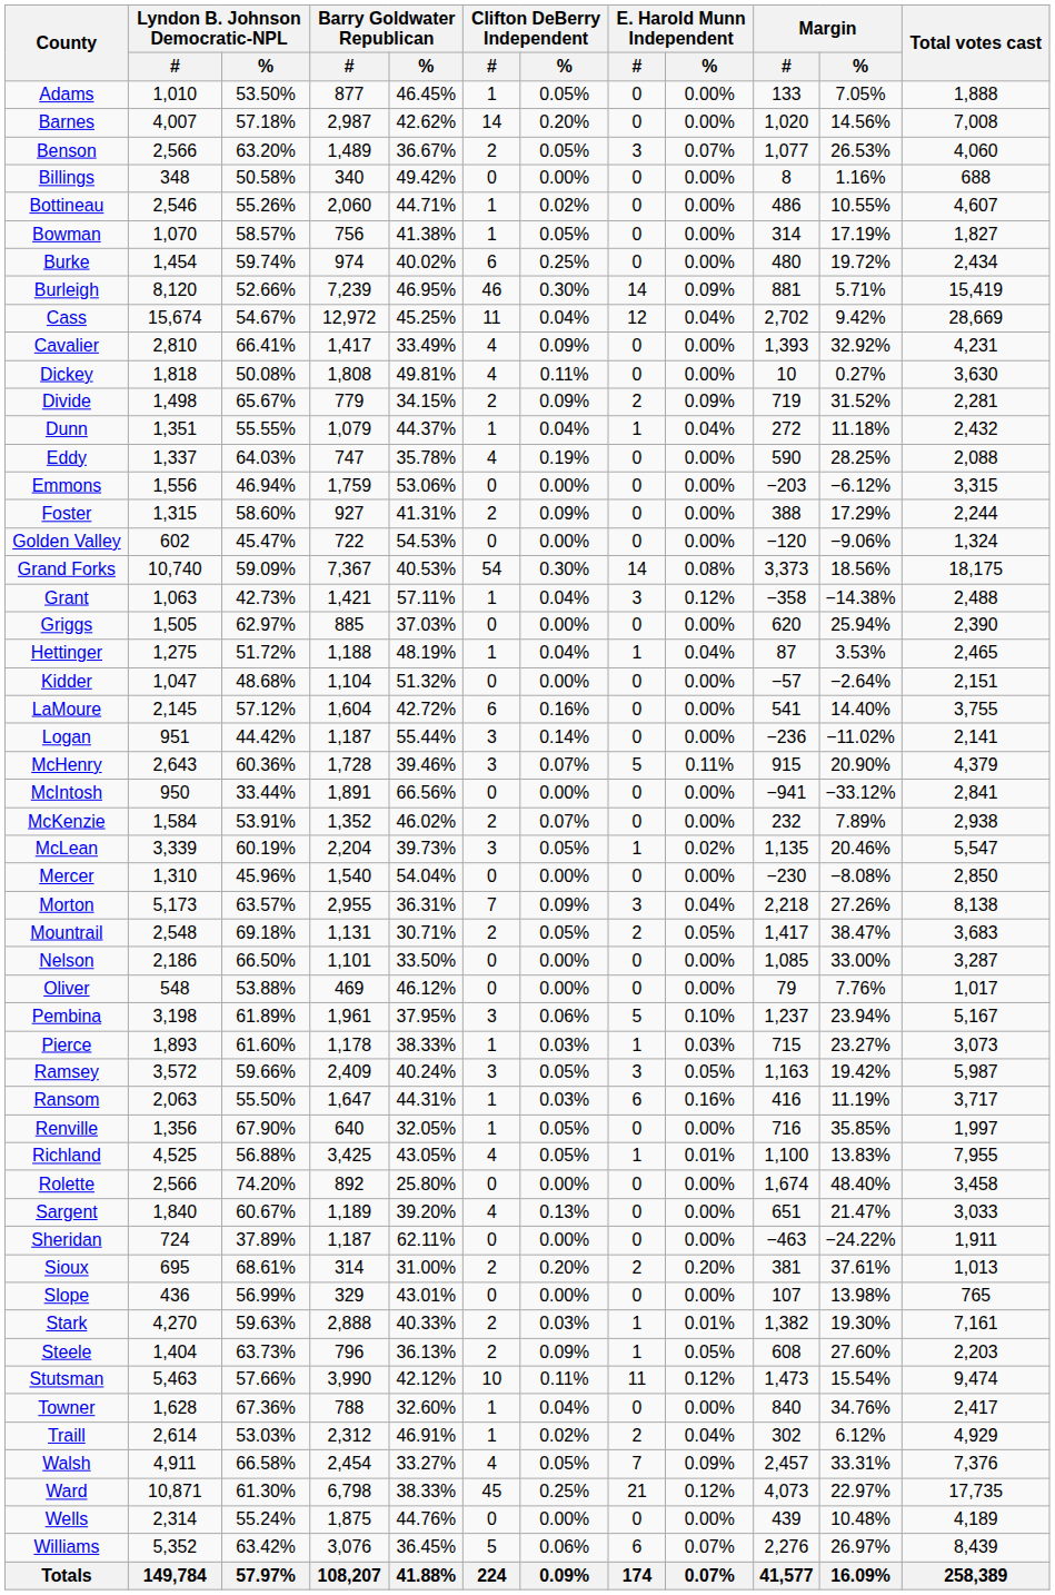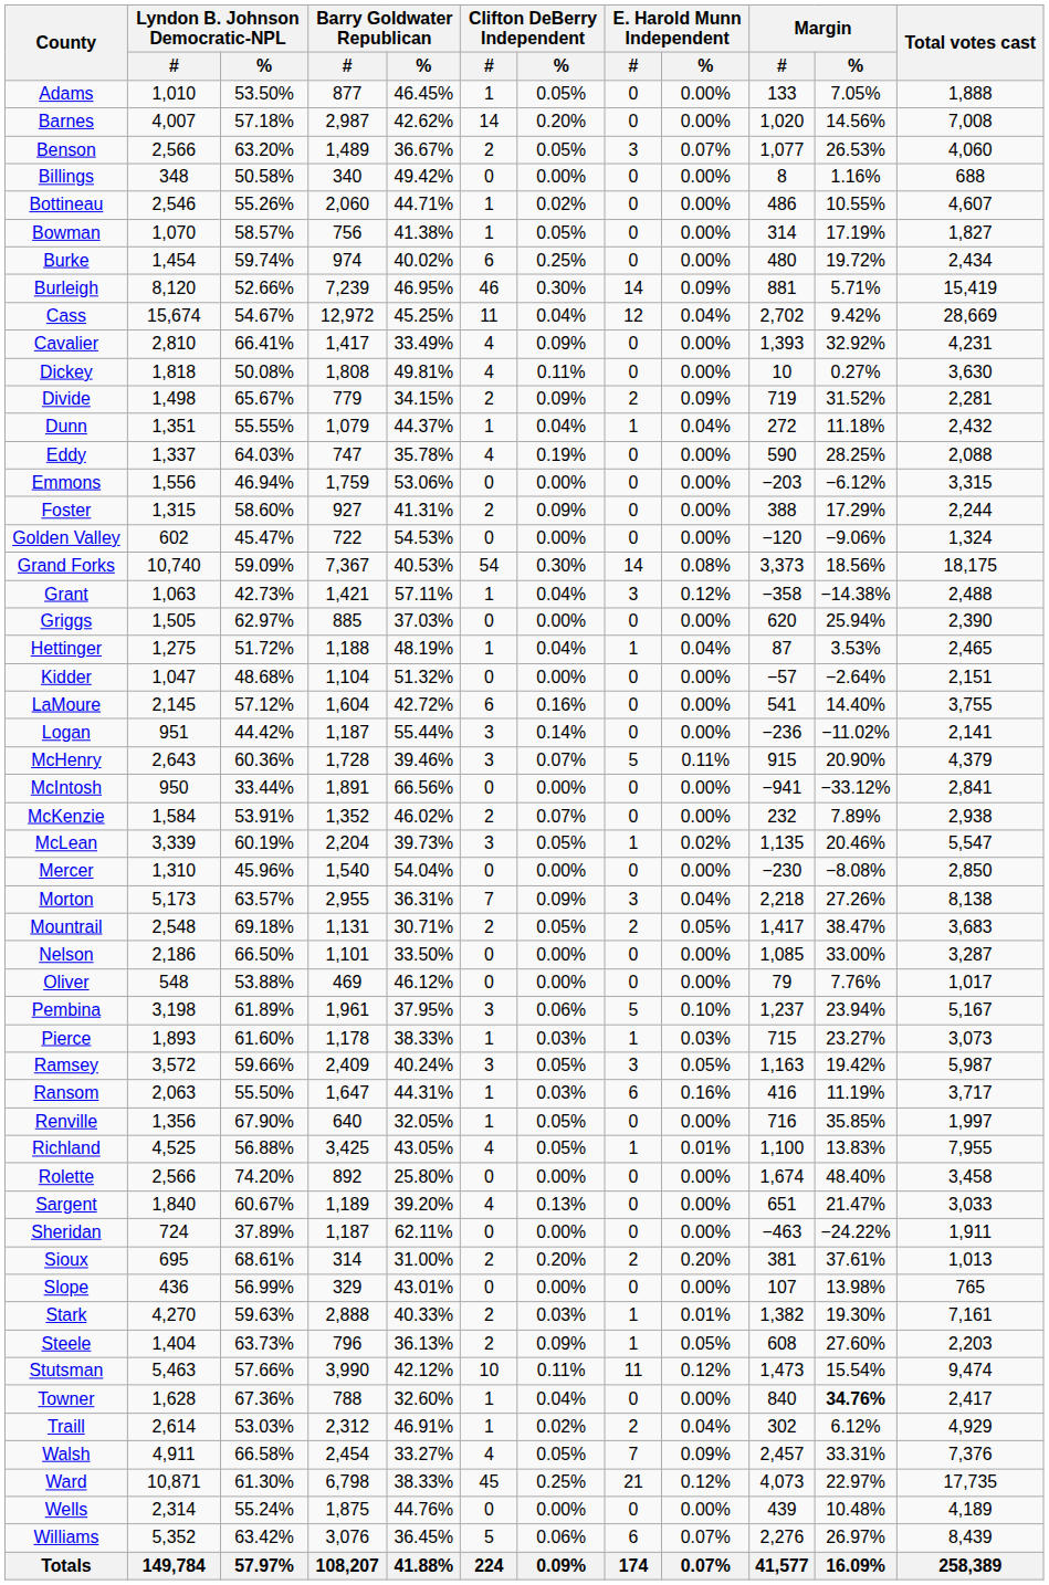 <table class="wikitable sortable" width="60%">
 <tr>
 <th rowspan="2">County</th>
 <th colspan="2">Lyndon B. Johnson<br>Democratic-NPL</th>
 <th colspan="2">Barry Goldwater<br>Republican</th>
 <th colspan="2">Clifton DeBerry<br>Independent</th>
 <th colspan="2">E. Harold Munn<br>Independent</th>
 <th colspan="2">Margin</th>
 <th rowspan="2">Total votes cast</th>
 </tr>
 <tr>
 <th data-sort-type="number">#</th>
 <th data-sort-type="number">%</th>
 <th data-sort-type="number">#</th>
 <th data-sort-type="number">%</th>
 <th data-sort-type="number">#</th>
 <th data-sort-type="number">%</th>
 <th data-sort-type="number">#</th>
 <th data-sort-type="number">%</th>
 <th data-sort-type="number">#</th>
 <th data-sort-type="number">%</th>
 </tr>
 <tr style="text-align:center;">
 <td><a href='#'>Adams</a></td>
 <td>1,010</td>
 <td>53.50%</td>
 <td>877</td>
 <td>46.45%</td>
 <td>1</td>
 <td>0.05%</td>
 <td>0</td>
 <td>0.00%</td>
 <td>133</td>
 <td>7.05%</td>
 <td>1,888</td>
 </tr>
 <tr style="text-align:center;">
 <td><a href='#'>Barnes</a></td>
 <td>4,007</td>
 <td>57.18%</td>
 <td>2,987</td>
 <td>42.62%</td>
 <td>14</td>
 <td>0.20%</td>
 <td>0</td>
 <td>0.00%</td>
 <td>1,020</td>
 <td>14.56%</td>
 <td>7,008</td>
 </tr>
 <tr style="text-align:center;">
 <td><a href='#'>Benson</a></td>
 <td>2,566</td>
 <td>63.20%</td>
 <td>1,489</td>
 <td>36.67%</td>
 <td>2</td>
 <td>0.05%</td>
 <td>3</td>
 <td>0.07%</td>
 <td>1,077</td>
 <td>26.53%</td>
 <td>4,060</td>
 </tr>
 <tr style="text-align:center;">
 <td><a href='#'>Billings</a></td>
 <td>348</td>
 <td>50.58%</td>
 <td>340</td>
 <td>49.42%</td>
 <td>0</td>
 <td>0.00%</td>
 <td>0</td>
 <td>0.00%</td>
 <td>8</td>
 <td>1.16%</td>
 <td>688</td>
 </tr>
 <tr style="text-align:center;">
 <td><a href='#'>Bottineau</a></td>
 <td>2,546</td>
 <td>55.26%</td>
 <td>2,060</td>
 <td>44.71%</td>
 <td>1</td>
 <td>0.02%</td>
 <td>0</td>
 <td>0.00%</td>
 <td>486</td>
 <td>10.55%</td>
 <td>4,607</td>
 </tr>
 <tr style="text-align:center;">
 <td><a href='#'>Bowman</a></td>
 <td>1,070</td>
 <td>58.57%</td>
 <td>756</td>
 <td>41.38%</td>
 <td>1</td>
 <td>0.05%</td>
 <td>0</td>
 <td>0.00%</td>
 <td>314</td>
 <td>17.19%</td>
 <td>1,827</td>
 </tr>
 <tr style="text-align:center;">
 <td><a href='#'>Burke</a></td>
 <td>1,454</td>
 <td>59.74%</td>
 <td>974</td>
 <td>40.02%</td>
 <td>6</td>
 <td>0.25%</td>
 <td>0</td>
 <td>0.00%</td>
 <td>480</td>
 <td>19.72%</td>
 <td>2,434</td>
 </tr>
 <tr style="text-align:center;">
 <td><a href='#'>Burleigh</a></td>
 <td>8,120</td>
 <td>52.66%</td>
 <td>7,239</td>
 <td>46.95%</td>
 <td>46</td>
 <td>0.30%</td>
 <td>14</td>
 <td>0.09%</td>
 <td>881</td>
 <td>5.71%</td>
 <td>15,419</td>
 </tr>
 <tr style="text-align:center;">
 <td><a href='#'>Cass</a></td>
 <td>15,674</td>
 <td>54.67%</td>
 <td>12,972</td>
 <td>45.25%</td>
 <td>11</td>
 <td>0.04%</td>
 <td>12</td>
 <td>0.04%</td>
 <td>2,702</td>
 <td>9.42%</td>
 <td>28,669</td>
 </tr>
 <tr style="text-align:center;">
 <td><a href='#'>Cavalier</a></td>
 <td>2,810</td>
 <td>66.41%</td>
 <td>1,417</td>
 <td>33.49%</td>
 <td>4</td>
 <td>0.09%</td>
 <td>0</td>
 <td>0.00%</td>
 <td>1,393</td>
 <td>32.92%</td>
 <td>4,231</td>
 </tr>
 <tr style="text-align:center;">
 <td><a href='#'>Dickey</a></td>
 <td>1,818</td>
 <td>50.08%</td>
 <td>1,808</td>
 <td>49.81%</td>
 <td>4</td>
 <td>0.11%</td>
 <td>0</td>
 <td>0.00%</td>
 <td>10</td>
 <td>0.27%</td>
 <td>3,630</td>
 </tr>
 <tr style="text-align:center;">
 <td><a href='#'>Divide</a></td>
 <td>1,498</td>
 <td>65.67%</td>
 <td>779</td>
 <td>34.15%</td>
 <td>2</td>
 <td>0.09%</td>
 <td>2</td>
 <td>0.09%</td>
 <td>719</td>
 <td>31.52%</td>
 <td>2,281</td>
 </tr>
 <tr style="text-align:center;">
 <td><a href='#'>Dunn</a></td>
 <td>1,351</td>
 <td>55.55%</td>
 <td>1,079</td>
 <td>44.37%</td>
 <td>1</td>
 <td>0.04%</td>
 <td>1</td>
 <td>0.04%</td>
 <td>272</td>
 <td>11.18%</td>
 <td>2,432</td>
 </tr>
 <tr style="text-align:center;">
 <td><a href='#'>Eddy</a></td>
 <td>1,337</td>
 <td>64.03%</td>
 <td>747</td>
 <td>35.78%</td>
 <td>4</td>
 <td>0.19%</td>
 <td>0</td>
 <td>0.00%</td>
 <td>590</td>
 <td>28.25%</td>
 <td>2,088</td>
 </tr>
 <tr style="text-align:center;">
 <td><a href='#'>Emmons</a></td>
 <td>1,556</td>
 <td>46.94%</td>
 <td>1,759</td>
 <td>53.06%</td>
 <td>0</td>
 <td>0.00%</td>
 <td>0</td>
 <td>0.00%</td>
 <td>−203</td>
 <td>−6.12%</td>
 <td>3,315</td>
 </tr>
 <tr style="text-align:center;">
 <td><a href='#'>Foster</a></td>
 <td>1,315</td>
 <td>58.60%</td>
 <td>927</td>
 <td>41.31%</td>
 <td>2</td>
 <td>0.09%</td>
 <td>0</td>
 <td>0.00%</td>
 <td>388</td>
 <td>17.29%</td>
 <td>2,244</td>
 </tr>
 <tr style="text-align:center;">
 <td><a href='#'>Golden Valley</a></td>
 <td>602</td>
 <td>45.47%</td>
 <td>722</td>
 <td>54.53%</td>
 <td>0</td>
 <td>0.00%</td>
 <td>0</td>
 <td>0.00%</td>
 <td>−120</td>
 <td>−9.06%</td>
 <td>1,324</td>
 </tr>
 <tr style="text-align:center;">
 <td><a href='#'>Grand Forks</a></td>
 <td>10,740</td>
 <td>59.09%</td>
 <td>7,367</td>
 <td>40.53%</td>
 <td>54</td>
 <td>0.30%</td>
 <td>14</td>
 <td>0.08%</td>
 <td>3,373</td>
 <td>18.56%</td>
 <td>18,175</td>
 </tr>
 <tr style="text-align:center;">
 <td><a href='#'>Grant</a></td>
 <td>1,063</td>
 <td>42.73%</td>
 <td>1,421</td>
 <td>57.11%</td>
 <td>1</td>
 <td>0.04%</td>
 <td>3</td>
 <td>0.12%</td>
 <td>−358</td>
 <td>−14.38%</td>
 <td>2,488</td>
 </tr>
 <tr style="text-align:center;">
 <td><a href='#'>Griggs</a></td>
 <td>1,505</td>
 <td>62.97%</td>
 <td>885</td>
 <td>37.03%</td>
 <td>0</td>
 <td>0.00%</td>
 <td>0</td>
 <td>0.00%</td>
 <td>620</td>
 <td>25.94%</td>
 <td>2,390</td>
 </tr>
 <tr style="text-align:center;">
 <td><a href='#'>Hettinger</a></td>
 <td>1,275</td>
 <td>51.72%</td>
 <td>1,188</td>
 <td>48.19%</td>
 <td>1</td>
 <td>0.04%</td>
 <td>1</td>
 <td>0.04%</td>
 <td>87</td>
 <td>3.53%</td>
 <td>2,465</td>
 </tr>
 <tr style="text-align:center;">
 <td><a href='#'>Kidder</a></td>
 <td>1,047</td>
 <td>48.68%</td>
 <td>1,104</td>
 <td>51.32%</td>
 <td>0</td>
 <td>0.00%</td>
 <td>0</td>
 <td>0.00%</td>
 <td>−57</td>
 <td>−2.64%</td>
 <td>2,151</td>
 </tr>
 <tr style="text-align:center;">
 <td><a href='#'>LaMoure</a></td>
 <td>2,145</td>
 <td>57.12%</td>
 <td>1,604</td>
 <td>42.72%</td>
 <td>6</td>
 <td>0.16%</td>
 <td>0</td>
 <td>0.00%</td>
 <td>541</td>
 <td>14.40%</td>
 <td>3,755</td>
 </tr>
 <tr style="text-align:center;">
 <td><a href='#'>Logan</a></td>
 <td>951</td>
 <td>44.42%</td>
 <td>1,187</td>
 <td>55.44%</td>
 <td>3</td>
 <td>0.14%</td>
 <td>0</td>
 <td>0.00%</td>
 <td>−236</td>
 <td>−11.02%</td>
 <td>2,141</td>
 </tr>
 <tr style="text-align:center;">
 <td><a href='#'>McHenry</a></td>
 <td>2,643</td>
 <td>60.36%</td>
 <td>1,728</td>
 <td>39.46%</td>
 <td>3</td>
 <td>0.07%</td>
 <td>5</td>
 <td>0.11%</td>
 <td>915</td>
 <td>20.90%</td>
 <td>4,379</td>
 </tr>
 <tr style="text-align:center;">
 <td><a href='#'>McIntosh</a></td>
 <td>950</td>
 <td>33.44%</td>
 <td>1,891</td>
 <td>66.56%</td>
 <td>0</td>
 <td>0.00%</td>
 <td>0</td>
 <td>0.00%</td>
 <td>−941</td>
 <td>−33.12%</td>
 <td>2,841</td>
 </tr>
 <tr style="text-align:center;">
 <td><a href='#'>McKenzie</a></td>
 <td>1,584</td>
 <td>53.91%</td>
 <td>1,352</td>
 <td>46.02%</td>
 <td>2</td>
 <td>0.07%</td>
 <td>0</td>
 <td>0.00%</td>
 <td>232</td>
 <td>7.89%</td>
 <td>2,938</td>
 </tr>
 <tr style="text-align:center;">
 <td><a href='#'>McLean</a></td>
 <td>3,339</td>
 <td>60.19%</td>
 <td>2,204</td>
 <td>39.73%</td>
 <td>3</td>
 <td>0.05%</td>
 <td>1</td>
 <td>0.02%</td>
 <td>1,135</td>
 <td>20.46%</td>
 <td>5,547</td>
 </tr>
 <tr style="text-align:center;">
 <td><a href='#'>Mercer</a></td>
 <td>1,310</td>
 <td>45.96%</td>
 <td>1,540</td>
 <td>54.04%</td>
 <td>0</td>
 <td>0.00%</td>
 <td>0</td>
 <td>0.00%</td>
 <td>−230</td>
 <td>−8.08%</td>
 <td>2,850</td>
 </tr>
 <tr style="text-align:center;">
 <td><a href='#'>Morton</a></td>
 <td>5,173</td>
 <td>63.57%</td>
 <td>2,955</td>
 <td>36.31%</td>
 <td>7</td>
 <td>0.09%</td>
 <td>3</td>
 <td>0.04%</td>
 <td>2,218</td>
 <td>27.26%</td>
 <td>8,138</td>
 </tr>
 <tr style="text-align:center;">
 <td><a href='#'>Mountrail</a></td>
 <td>2,548</td>
 <td>69.18%</td>
 <td>1,131</td>
 <td>30.71%</td>
 <td>2</td>
 <td>0.05%</td>
 <td>2</td>
 <td>0.05%</td>
 <td>1,417</td>
 <td>38.47%</td>
 <td>3,683</td>
 </tr>
 <tr style="text-align:center;">
 <td><a href='#'>Nelson</a></td>
 <td>2,186</td>
 <td>66.50%</td>
 <td>1,101</td>
 <td>33.50%</td>
 <td>0</td>
 <td>0.00%</td>
 <td>0</td>
 <td>0.00%</td>
 <td>1,085</td>
 <td>33.00%</td>
 <td>3,287</td>
 </tr>
 <tr style="text-align:center;">
 <td><a href='#'>Oliver</a></td>
 <td>548</td>
 <td>53.88%</td>
 <td>469</td>
 <td>46.12%</td>
 <td>0</td>
 <td>0.00%</td>
 <td>0</td>
 <td>0.00%</td>
 <td>79</td>
 <td>7.76%</td>
 <td>1,017</td>
 </tr>
 <tr style="text-align:center;">
 <td><a href='#'>Pembina</a></td>
 <td>3,198</td>
 <td>61.89%</td>
 <td>1,961</td>
 <td>37.95%</td>
 <td>3</td>
 <td>0.06%</td>
 <td>5</td>
 <td>0.10%</td>
 <td>1,237</td>
 <td>23.94%</td>
 <td>5,167</td>
 </tr>
 <tr style="text-align:center;">
 <td><a href='#'>Pierce</a></td>
 <td>1,893</td>
 <td>61.60%</td>
 <td>1,178</td>
 <td>38.33%</td>
 <td>1</td>
 <td>0.03%</td>
 <td>1</td>
 <td>0.03%</td>
 <td>715</td>
 <td>23.27%</td>
 <td>3,073</td>
 </tr>
 <tr style="text-align:center;">
 <td><a href='#'>Ramsey</a></td>
 <td>3,572</td>
 <td>59.66%</td>
 <td>2,409</td>
 <td>40.24%</td>
 <td>3</td>
 <td>0.05%</td>
 <td>3</td>
 <td>0.05%</td>
 <td>1,163</td>
 <td>19.42%</td>
 <td>5,987</td>
 </tr>
 <tr style="text-align:center;">
 <td><a href='#'>Ransom</a></td>
 <td>2,063</td>
 <td>55.50%</td>
 <td>1,647</td>
 <td>44.31%</td>
 <td>1</td>
 <td>0.03%</td>
 <td>6</td>
 <td>0.16%</td>
 <td>416</td>
 <td>11.19%</td>
 <td>3,717</td>
 </tr>
 <tr style="text-align:center;">
 <td><a href='#'>Renville</a></td>
 <td>1,356</td>
 <td>67.90%</td>
 <td>640</td>
 <td>32.05%</td>
 <td>1</td>
 <td>0.05%</td>
 <td>0</td>
 <td>0.00%</td>
 <td>716</td>
 <td>35.85%</td>
 <td>1,997</td>
 </tr>
 <tr style="text-align:center;">
 <td><a href='#'>Richland</a></td>
 <td>4,525</td>
 <td>56.88%</td>
 <td>3,425</td>
 <td>43.05%</td>
 <td>4</td>
 <td>0.05%</td>
 <td>1</td>
 <td>0.01%</td>
 <td>1,100</td>
 <td>13.83%</td>
 <td>7,955</td>
 </tr>
 <tr style="text-align:center;">
 <td><a href='#'>Rolette</a></td>
 <td>2,566</td>
 <td>74.20%</td>
 <td>892</td>
 <td>25.80%</td>
 <td>0</td>
 <td>0.00%</td>
 <td>0</td>
 <td>0.00%</td>
 <td>1,674</td>
 <td>48.40%</td>
 <td>3,458</td>
 </tr>
 <tr style="text-align:center;">
 <td><a href='#'>Sargent</a></td>
 <td>1,840</td>
 <td>60.67%</td>
 <td>1,189</td>
 <td>39.20%</td>
 <td>4</td>
 <td>0.13%</td>
 <td>0</td>
 <td>0.00%</td>
 <td>651</td>
 <td>21.47%</td>
 <td>3,033</td>
 </tr>
 <tr style="text-align:center;">
 <td><a href='#'>Sheridan</a></td>
 <td>724</td>
 <td>37.89%</td>
 <td>1,187</td>
 <td>62.11%</td>
 <td>0</td>
 <td>0.00%</td>
 <td>0</td>
 <td>0.00%</td>
 <td>−463</td>
 <td>−24.22%</td>
 <td>1,911</td>
 </tr>
 <tr style="text-align:center;">
 <td><a href='#'>Sioux</a></td>
 <td>695</td>
 <td>68.61%</td>
 <td>314</td>
 <td>31.00%</td>
 <td>2</td>
 <td>0.20%</td>
 <td>2</td>
 <td>0.20%</td>
 <td>381</td>
 <td>37.61%</td>
 <td>1,013</td>
 </tr>
 <tr style="text-align:center;">
 <td><a href='#'>Slope</a></td>
 <td>436</td>
 <td>56.99%</td>
 <td>329</td>
 <td>43.01%</td>
 <td>0</td>
 <td>0.00%</td>
 <td>0</td>
 <td>0.00%</td>
 <td>107</td>
 <td>13.98%</td>
 <td>765</td>
 </tr>
 <tr style="text-align:center;">
 <td><a href='#'>Stark</a></td>
 <td>4,270</td>
 <td>59.63%</td>
 <td>2,888</td>
 <td>40.33%</td>
 <td>2</td>
 <td>0.03%</td>
 <td>1</td>
 <td>0.01%</td>
 <td>1,382</td>
 <td>19.30%</td>
 <td>7,161</td>
 </tr>
 <tr style="text-align:center;">
 <td><a href='#'>Steele</a></td>
 <td>1,404</td>
 <td>63.73%</td>
 <td>796</td>
 <td>36.13%</td>
 <td>2</td>
 <td>0.09%</td>
 <td>1</td>
 <td>0.05%</td>
 <td>608</td>
 <td>27.60%</td>
 <td>2,203</td>
 </tr>
 <tr style="text-align:center;">
 <td><a href='#'>Stutsman</a></td>
 <td>5,463</td>
 <td>57.66%</td>
 <td>3,990</td>
 <td>42.12%</td>
 <td>10</td>
 <td>0.11%</td>
 <td>11</td>
 <td>0.12%</td>
 <td>1,473</td>
 <td>15.54%</td>
 <td>9,474</td>
 </tr>
 <tr style="text-align:center;">
 <td><a href='#'>Towner</a></td>
 <td>1,628</td>
 <td>67.36%</td>
 <td>788</td>
 <td>32.60%</td>
 <td>1</td>
 <td>0.04%</td>
 <td>0</td>
 <td>0.00%</td>
 <td>840</td>
-<td>34.76%</td>
+<td><strong>34.76%</strong></td>
 <td>2,417</td>
 </tr>
 <tr style="text-align:center;">
 <td><a href='#'>Traill</a></td>
 <td>2,614</td>
 <td>53.03%</td>
 <td>2,312</td>
 <td>46.91%</td>
 <td>1</td>
 <td>0.02%</td>
 <td>2</td>
 <td>0.04%</td>
 <td>302</td>
 <td>6.12%</td>
 <td>4,929</td>
 </tr>
 <tr style="text-align:center;">
 <td><a href='#'>Walsh</a></td>
 <td>4,911</td>
 <td>66.58%</td>
 <td>2,454</td>
 <td>33.27%</td>
 <td>4</td>
 <td>0.05%</td>
 <td>7</td>
 <td>0.09%</td>
 <td>2,457</td>
 <td>33.31%</td>
 <td>7,376</td>
 </tr>
 <tr style="text-align:center;">
 <td><a href='#'>Ward</a></td>
 <td>10,871</td>
 <td>61.30%</td>
 <td>6,798</td>
 <td>38.33%</td>
 <td>45</td>
 <td>0.25%</td>
 <td>21</td>
 <td>0.12%</td>
 <td>4,073</td>
 <td>22.97%</td>
 <td>17,735</td>
 </tr>
 <tr style="text-align:center;">
 <td><a href='#'>Wells</a></td>
 <td>2,314</td>
 <td>55.24%</td>
 <td>1,875</td>
 <td>44.76%</td>
 <td>0</td>
 <td>0.00%</td>
 <td>0</td>
 <td>0.00%</td>
 <td>439</td>
 <td>10.48%</td>
 <td>4,189</td>
 </tr>
 <tr style="text-align:center;">
 <td><a href='#'>Williams</a></td>
 <td>5,352</td>
 <td>63.42%</td>
 <td>3,076</td>
 <td>36.45%</td>
 <td>5</td>
 <td>0.06%</td>
 <td>6</td>
 <td>0.07%</td>
 <td>2,276</td>
 <td>26.97%</td>
 <td>8,439</td>
 </tr>
 <tr style="text-align:center;">
 <th>Totals</th>
 <th>149,784</th>
 <th>57.97%</th>
 <th>108,207</th>
 <th>41.88%</th>
 <th>224</th>
 <th>0.09%</th>
 <th>174</th>
 <th>0.07%</th>
 <th>41,577</th>
 <th>16.09%</th>
 <th>258,389</th>
 </tr>
 </table>
